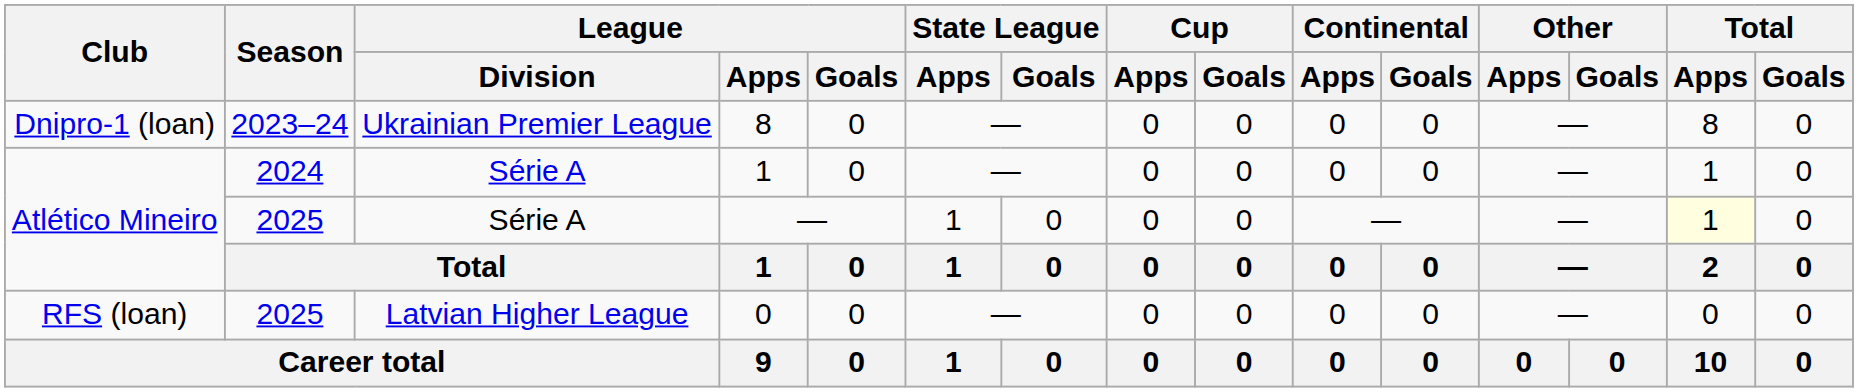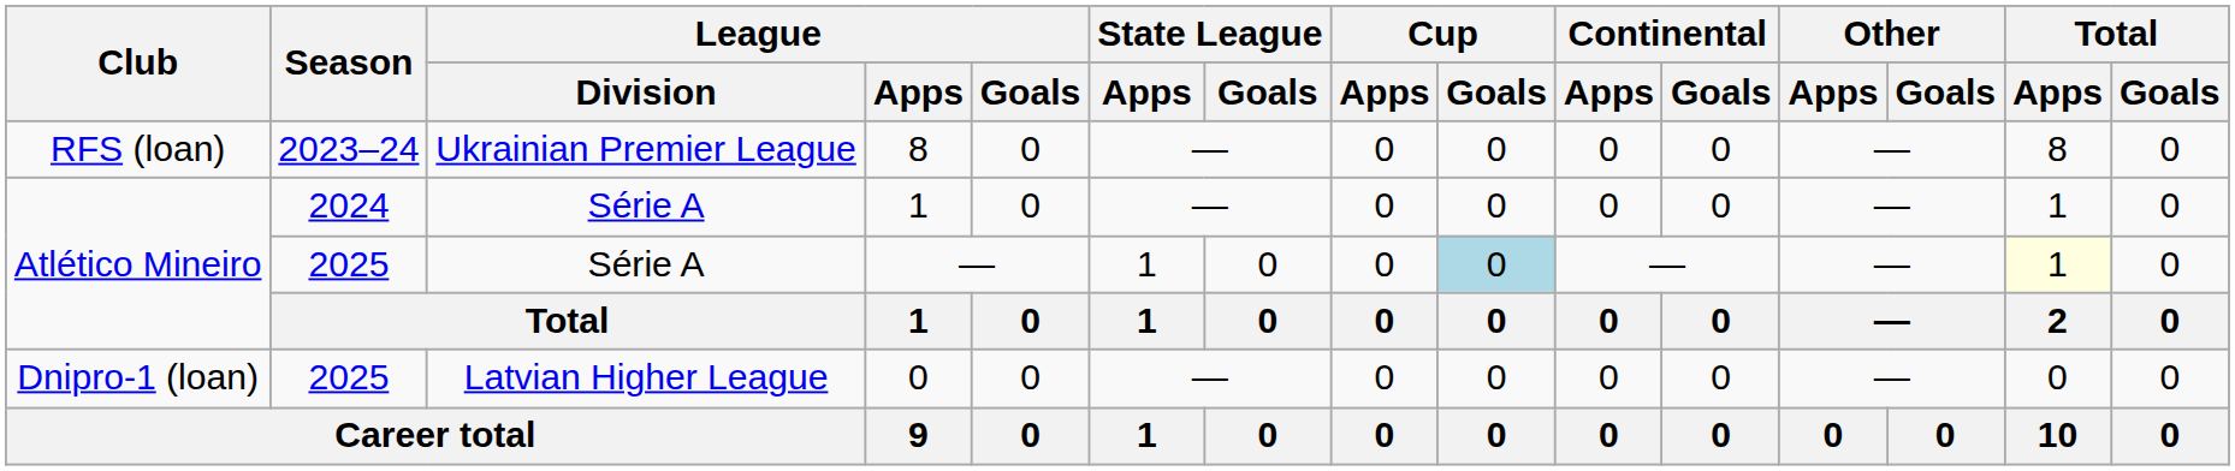 <table class="wikitable" style="text-align: center;">
 <tr>
 <th rowspan="2">Club</th>
 <th rowspan="2">Season</th>
 <th colspan="3">League</th>
 <th colspan="2">State League</th>
 <th colspan="2">Cup</th>
 <th colspan="2">Continental</th>
 <th colspan="2">Other</th>
 <th colspan="2">Total</th>
 </tr>
 <tr>
 <th>Division</th>
 <th>Apps</th>
 <th>Goals</th>
 <th>Apps</th>
 <th>Goals</th>
 <th>Apps</th>
 <th>Goals</th>
 <th>Apps</th>
 <th>Goals</th>
 <th>Apps</th>
 <th>Goals</th>
 <th>Apps</th>
 <th>Goals</th>
 </tr>
 <tr>
-<td valign="center"><a href='#'>Dnipro-1</a> (loan)</td>
+<td valign="center"><a href='#'>RFS</a> (loan)</td>
 <td><a href='#'>2023–24</a></td>
 <td><a href='#'>Ukrainian Premier League</a></td>
 <td>8</td>
 <td>0</td>
 <td colspan="2">—</td>
 <td>0</td>
 <td>0</td>
 <td>0</td>
 <td>0</td>
 <td colspan="2">—</td>
 <td>8</td>
 <td>0</td>
 </tr>
 <tr>
 <td rowspan="3" valign="center"><a href='#'>Atlético Mineiro</a></td>
 <td><a href='#'>2024</a></td>
 <td><a href='#'>Série A</a></td>
 <td>1</td>
 <td>0</td>
 <td colspan="2">—</td>
 <td>0</td>
 <td>0</td>
 <td>0</td>
 <td>0</td>
 <td colspan="2">—</td>
 <td>1</td>
 <td>0</td>
 </tr>
 <tr>
 <td><a href='#'>2025</a></td>
 <td>Série A</td>
 <td colspan="2">—</td>
 <td>1</td>
 <td>0</td>
 <td>0</td>
-<td>0</td>
+<td style="background: lightblue;">0</td>
 <td colspan="2">—</td>
 <td colspan="2">—</td>
 <td style="background: lightyellow;">1</td>
 <td>0</td>
 </tr>
 <tr>
 <th colspan="2">Total</th>
 <th>1</th>
 <th>0</th>
 <th>1</th>
 <th>0</th>
 <th>0</th>
 <th>0</th>
 <th>0</th>
 <th>0</th>
 <th colspan="2">—</th>
 <th>2</th>
 <th>0</th>
 </tr>
 <tr>
-<td valign="center"><a href='#'>RFS</a> (loan)</td>
+<td valign="center"><a href='#'>Dnipro-1</a> (loan)</td>
 <td><a href='#'>2025</a></td>
 <td><a href='#'>Latvian Higher League</a></td>
 <td>0</td>
 <td>0</td>
 <td colspan="2">—</td>
 <td>0</td>
 <td>0</td>
 <td>0</td>
 <td>0</td>
 <td colspan="2">—</td>
 <td>0</td>
 <td>0</td>
 </tr>
 <tr>
 <th colspan="3"><strong>Career total</strong></th>
 <th>9</th>
 <th>0</th>
 <th>1</th>
 <th>0</th>
 <th>0</th>
 <th>0</th>
 <th>0</th>
 <th>0</th>
 <th>0</th>
 <th>0</th>
 <th>10</th>
 <th>0</th>
 </tr>
 </table>
